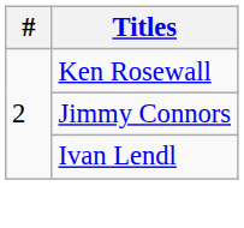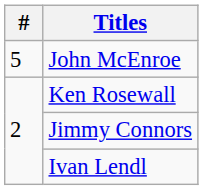 <table class="wikitable" style="display:inline-table;">
 <tr>
 <th width=20>#</th>
 <th><a href='#'>Titles</a></th>
+</tr>
+<tr>
+<td>5</td>
+<td> <a href='#'>John McEnroe</a></td>
 </tr>
 <tr>
 <td rowspan="3">2</td>
 <td> <a href='#'>Ken Rosewall</a></td>
 </tr>
 <tr>
 <td> <a href='#'>Jimmy Connors</a></td>
 </tr>
 <tr>
 <td> <a href='#'>Ivan Lendl</a></td>
 </tr>
 </table>
